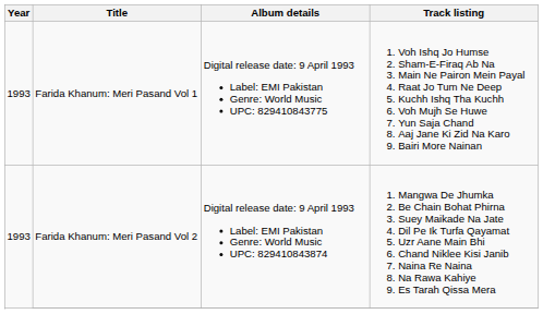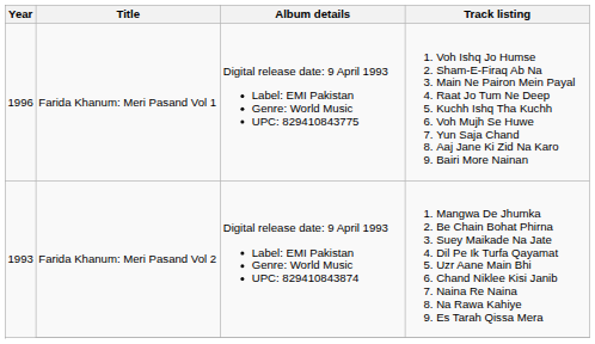 <table class="wikitable">
 <tr>
 <th rowspan="">Year</th>
 <th rowspan="" width="250">Title</th>
 <th rowspan="" width="250">Album details</th>
 <th rowspan="" width="250">Track listing</th>
 </tr>
 <tr>
-<td>1993</td>
+<td>1996</td>
 <td>Farida Khanum: Meri Pasand Vol 1</td>
 <td>Digital release date: 9 April 1993<br><ul><li>Label: EMI Pakistan</li><li>Genre: World Music</li><li>UPC: 829410843775</li></ul></td>
 <td><br><ol><li>Voh Ishq Jo Humse</li><li>Sham-E-Firaq Ab Na</li><li>Main Ne Pairon Mein Payal</li><li>Raat Jo Tum Ne Deep</li><li>Kuchh Ishq Tha Kuchh</li><li>Voh Mujh Se Huwe</li><li>Yun Saja Chand</li><li>Aaj Jane Ki Zid Na Karo</li><li>Bairi More Nainan</li></ol></td>
 </tr>
 <tr>
 <td rowspan="2">1993</td>
 <td>Farida Khanum: Meri Pasand Vol 2</td>
 <td>Digital release date: 9 April 1993<br><ul><li>Label: EMI Pakistan</li><li>Genre: World Music</li><li>UPC: 829410843874</li></ul></td>
 <td><br><ol><li>Mangwa De Jhumka</li><li>Be Chain Bohat Phirna</li><li>Suey Maikade Na Jate</li><li>Dil Pe Ik Turfa Qayamat</li><li>Uzr Aane Main Bhi</li><li>Chand Niklee Kisi Janib</li><li>Naina Re Naina</li><li>Na Rawa Kahiye</li><li>Es Tarah Qissa Mera</li></ol></td>
 </tr>
 <tr>
 </tr>
 </table>
